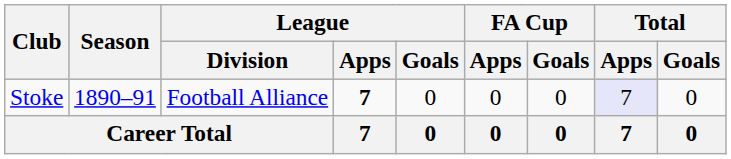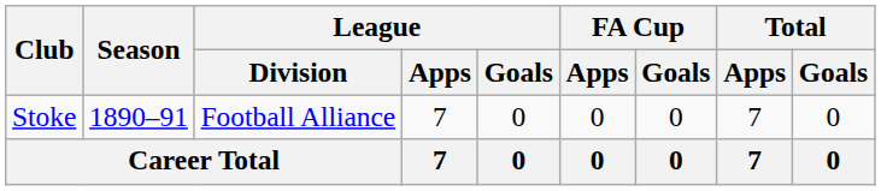 <table class="wikitable" style="text-align: center;">
 <tr>
 <th rowspan="2">Club</th>
 <th rowspan="2">Season</th>
 <th colspan="3">League</th>
 <th colspan="2">FA Cup</th>
 <th colspan="2">Total</th>
 </tr>
 <tr>
 <th>Division</th>
 <th>Apps</th>
 <th>Goals</th>
 <th>Apps</th>
 <th>Goals</th>
 <th>Apps</th>
 <th>Goals</th>
 </tr>
 <tr>
 <td><a href='#'>Stoke</a></td>
 <td><a href='#'>1890–91</a></td>
 <td><a href='#'>Football Alliance</a></td>
-<td><strong>7</strong></td>
+<td>7</td>
 <td>0</td>
 <td>0</td>
 <td>0</td>
-<td style="background: lavender;">7</td>
+<td>7</td>
 <td>0</td>
 </tr>
 <tr>
 <th colspan="3">Career Total</th>
 <th>7</th>
 <th>0</th>
 <th>0</th>
 <th>0</th>
 <th>7</th>
 <th>0</th>
 </tr>
 </table>
